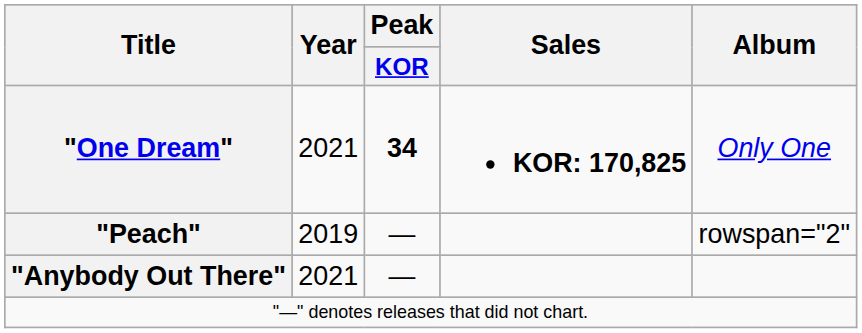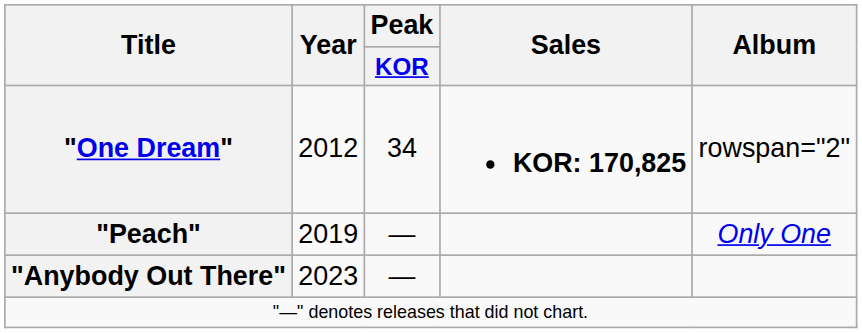 <table class="wikitable plainrowheaders" style="text-align:center;">
 <tr>
 <th rowspan="2">Title</th>
 <th rowspan="2">Year</th>
 <th>Peak</th>
 <th rowspan="2">Sales </th>
 <th rowspan="2">Album</th>
 </tr>
 <tr>
 <th style="width:2.5em;font-size:90%;"><a href='#'>KOR</a><br></th>
 </tr>
 <tr>
 <th scope="row">"<a href='#'>One Dream</a>" </th>
-<td>2021</td>
-<td><strong>34</strong></td>
+<td>2012</td>
+<td>34</td>
 <td><strong><br><ul><li>KOR: 170,825</li></ul></strong></td>
-<td><em><a href='#'>Only One</a></em></td>
+<td>rowspan="2" </td>
 </tr>
 <tr>
 <th scope="row">"Peach" </th>
 <td>2019</td>
 <td>—</td>
 <td></td>
-<td>rowspan="2" </td>
+<td><em><a href='#'>Only One</a></em></td>
 </tr>
 <tr>
 <th scope="row">"Anybody Out There" </th>
-<td>2021</td>
+<td>2023</td>
 <td>—</td>
 <td></td>
 </tr>
 <tr>
 <td colspan="6" style="font-size:8pt;">"—" denotes releases that did not chart.</td>
 </tr>
 </table>
